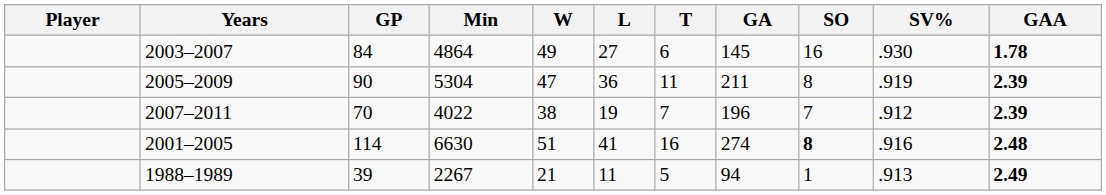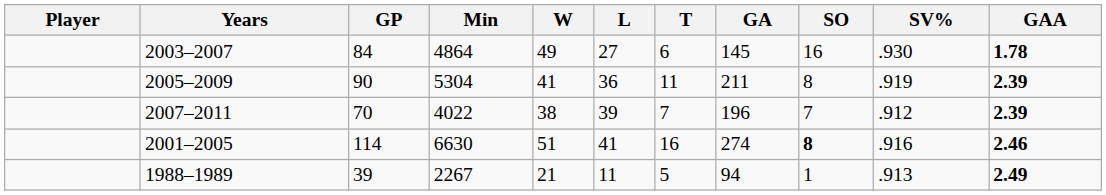 <table class="wikitable sortable" style="width:900px;">
 <tr>
 <th>Player</th>
 <th>Years</th>
 <th>GP</th>
 <th>Min</th>
 <th>W</th>
 <th>L</th>
 <th>T</th>
 <th>GA</th>
 <th>SO</th>
 <th>SV%</th>
 <th>GAA</th>
 </tr>
 <tr>
 <td></td>
 <td>2003–2007</td>
 <td>84</td>
 <td>4864</td>
 <td>49</td>
 <td>27</td>
 <td>6</td>
 <td>145</td>
 <td>16</td>
 <td>.930</td>
 <td><strong>1.78</strong></td>
 </tr>
 <tr>
 <td></td>
 <td>2005–2009</td>
 <td>90</td>
 <td>5304</td>
-<td>47</td>
+<td>41</td>
 <td>36</td>
 <td>11</td>
 <td>211</td>
 <td>8</td>
 <td>.919</td>
 <td><strong>2.39</strong></td>
 </tr>
 <tr>
 <td></td>
 <td>2007–2011</td>
 <td>70</td>
 <td>4022</td>
 <td>38</td>
-<td>19</td>
+<td>39</td>
 <td>7</td>
 <td>196</td>
 <td>7</td>
 <td>.912</td>
 <td><strong>2.39</strong></td>
 </tr>
 <tr>
 <td></td>
 <td>2001–2005</td>
 <td>114</td>
 <td>6630</td>
 <td>51</td>
 <td>41</td>
 <td>16</td>
 <td>274</td>
 <td><strong>8</strong></td>
 <td>.916</td>
-<td><strong>2.48</strong></td>
+<td><strong>2.46</strong></td>
 </tr>
 <tr>
 <td></td>
 <td>1988–1989</td>
 <td>39</td>
 <td>2267</td>
 <td>21</td>
 <td>11</td>
 <td>5</td>
 <td>94</td>
 <td>1</td>
 <td>.913</td>
 <td><strong>2.49</strong></td>
 </tr>
 </table>
